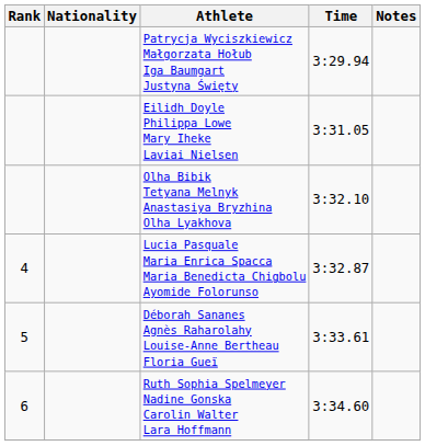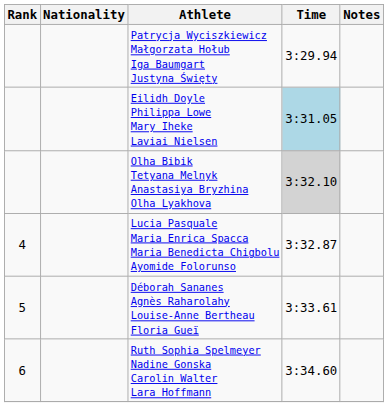 <table class="wikitable sortable" style="text-align:center">
 <tr>
 <th>Rank</th>
 <th>Nationality</th>
 <th>Athlete</th>
 <th>Time</th>
 <th>Notes</th>
 </tr>
 <tr>
 <td></td>
 <td align=left></td>
 <td align=left><small><a href='#'>Patrycja Wyciszkiewicz</a><br><a href='#'>Małgorzata Hołub</a><br><a href='#'>Iga Baumgart</a><br><a href='#'>Justyna Święty</a></small></td>
 <td>3:29.94</td>
 <td></td>
 </tr>
 <tr>
 <td></td>
 <td align=left></td>
 <td align=left><small><a href='#'>Eilidh Doyle</a><br><a href='#'>Philippa Lowe</a><br><a href='#'>Mary Iheke</a><br><a href='#'>Laviai Nielsen</a></small></td>
-<td>3:31.05</td>
+<td style="background: lightblue;">3:31.05</td>
 <td></td>
 </tr>
 <tr>
 <td></td>
 <td align=left></td>
 <td align=left><small><a href='#'>Olha Bibik</a><br><a href='#'>Tetyana Melnyk</a><br><a href='#'>Anastasiya Bryzhina</a><br><a href='#'>Olha Lyakhova</a></small></td>
-<td>3:32.10</td>
+<td style="background: lightgrey;">3:32.10</td>
 <td></td>
 </tr>
 <tr>
 <td>4</td>
 <td align=left></td>
 <td align=left><small><a href='#'>Lucia Pasquale</a><br><a href='#'>Maria Enrica Spacca</a><br><a href='#'>Maria Benedicta Chigbolu</a><br><a href='#'>Ayomide Folorunso</a></small></td>
 <td>3:32.87</td>
 <td></td>
 </tr>
 <tr>
 <td>5</td>
 <td align=left></td>
 <td align=left><small><a href='#'>Déborah Sananes</a><br><a href='#'>Agnès Raharolahy</a><br><a href='#'>Louise-Anne Bertheau</a><br><a href='#'>Floria Gueï</a></small></td>
 <td>3:33.61</td>
 <td></td>
 </tr>
 <tr>
 <td>6</td>
 <td align=left></td>
 <td align=left><small><a href='#'>Ruth Sophia Spelmeyer</a><br><a href='#'>Nadine Gonska</a><br><a href='#'>Carolin Walter</a><br><a href='#'>Lara Hoffmann</a></small></td>
 <td>3:34.60</td>
 <td></td>
 </tr>
 <tr>
 </tr>
 </table>
